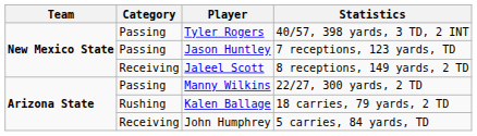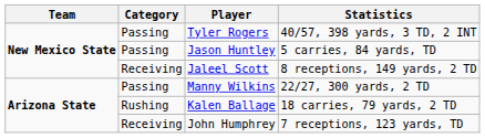 <table class="wikitable" style="float: right;">
 <tr>
 <th>Team</th>
 <th>Category</th>
 <th>Player</th>
 <th>Statistics</th>
 </tr>
 <tr>
 <td rowspan=3><strong>New Mexico State</strong></td>
 <td>Passing</td>
 <td><a href='#'>Tyler Rogers</a></td>
 <td>40/57, 398 yards, 3 TD, 2 INT</td>
 </tr>
 <tr>
 <td>Passing</td>
 <td><a href='#'>Jason Huntley</a></td>
-<td>7 receptions, 123 yards, TD</td>
+<td>5 carries, 84 yards, TD</td>
 </tr>
 <tr>
 <td>Receiving</td>
 <td><a href='#'>Jaleel Scott</a></td>
 <td>8 receptions, 149 yards, 2 TD</td>
 </tr>
 <tr>
 <td rowspan=3><strong>Arizona State</strong></td>
 <td>Passing</td>
 <td><a href='#'>Manny Wilkins</a></td>
 <td>22/27, 300 yards, 2 TD</td>
 </tr>
 <tr>
 <td>Rushing</td>
 <td><a href='#'>Kalen Ballage</a></td>
 <td>18 carries, 79 yards, 2 TD</td>
 </tr>
 <tr>
 <td>Receiving</td>
 <td>John Humphrey</td>
-<td>5 carries, 84 yards, TD</td>
+<td>7 receptions, 123 yards, TD</td>
 </tr>
 </table>
